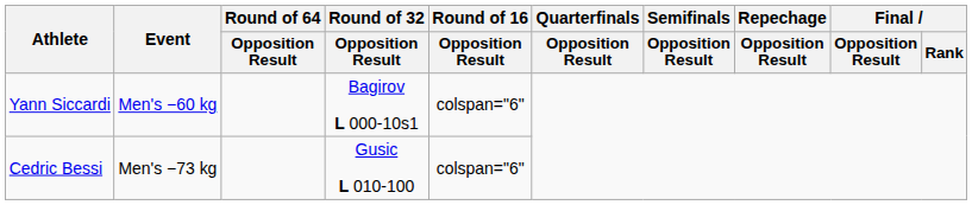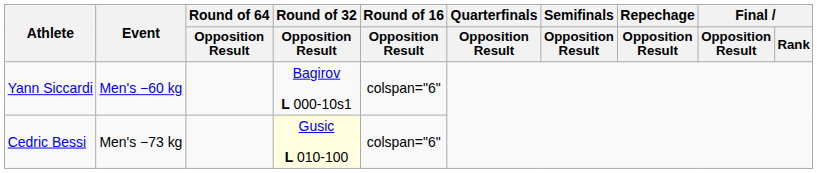 <table class="wikitable" style="font-size:90%">
 <tr>
 <th rowspan="2">Athlete</th>
 <th rowspan="2">Event</th>
 <th>Round of 64</th>
 <th>Round of 32</th>
 <th>Round of 16</th>
 <th>Quarterfinals</th>
 <th>Semifinals</th>
 <th>Repechage</th>
 <th colspan=2>Final / </th>
 </tr>
 <tr style="font-size:95%">
 <th>Opposition<br>Result</th>
 <th>Opposition<br>Result</th>
 <th>Opposition<br>Result</th>
 <th>Opposition<br>Result</th>
 <th>Opposition<br>Result</th>
 <th>Opposition<br>Result</th>
 <th>Opposition<br>Result</th>
 <th>Rank</th>
 </tr>
 <tr align=center>
 <td align=left><a href='#'>Yann Siccardi</a></td>
 <td align=left><a href='#'>Men's −60 kg</a></td>
 <td></td>
 <td><a href='#'>Bagirov</a><br><br><strong>L</strong> 000-10s1</td>
 <td>colspan="6" </td>
 </tr>
 <tr align=center>
 <td align=left><a href='#'>Cedric Bessi</a></td>
 <td align=left>Men's −73 kg</td>
 <td></td>
-<td><a href='#'>Gusic</a><br><br><strong>L</strong> 010-100</td>
+<td style="background: lightyellow;"><a href='#'>Gusic</a><br><br><strong>L</strong> 010-100</td>
 <td>colspan="6" </td>
 </tr>
 </table>
